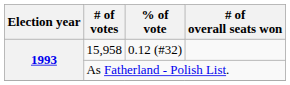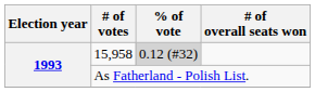 <table class=wikitable>
 <tr>
 <th>Election year</th>
 <th># of<br>votes</th>
 <th>% of<br>vote</th>
 <th># of<br>overall seats won</th>
 </tr>
 <tr>
 <th rowspan=2><a href='#'>1993</a></th>
 <td>15,958</td>
-<td>0.12 (#32)</td>
+<td style="background: lightgrey;">0.12 (#32)</td>
 <td></td>
 </tr>
 <tr>
 <td colspan=6>As <a href='#'>Fatherland - Polish List</a>.</td>
 </tr>
 <tr>
 </tr>
 </table>
